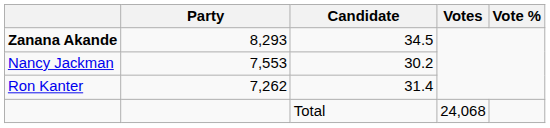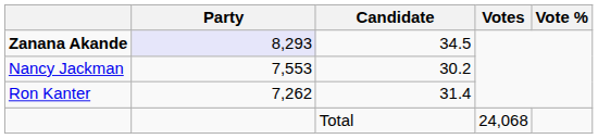 <table class="wikitable">
 <tr>
 <th></th>
 <th scope="col" width="175">Party</th>
 <th scope="col" width="150">Candidate</th>
 <th>Votes</th>
 <th>Vote %</th>
 </tr>
 <tr>
 <td><strong>Zanana Akande</strong></td>
-<td align=right>8,293</td>
+<td align=right style="background: lavender;">8,293</td>
 <td align=right>34.5</td>
 </tr>
 <tr |>
 <td><a href='#'>Nancy Jackman</a></td>
 <td align=right>7,553</td>
 <td align=right>30.2<br></td>
 </tr>
 <tr |>
 <td><a href='#'>Ron Kanter</a></td>
 <td align=right>7,262</td>
 <td align=right>31.4</td>
 </tr>
 <tr |>
 <td></td>
 <td></td>
 <td>Total</td>
 <td align=right>24,068</td>
 <td></td>
 </tr>
 </table>
